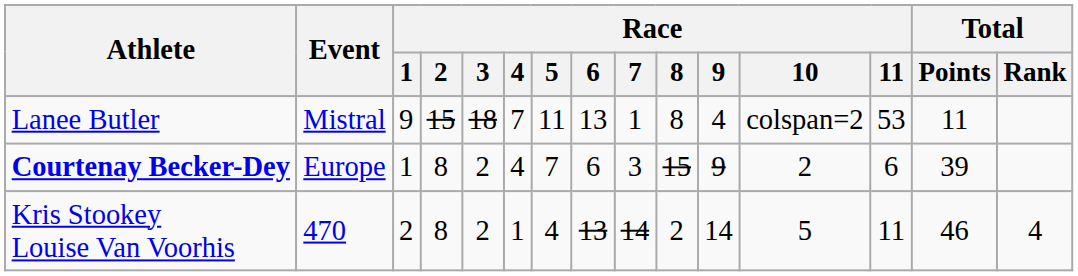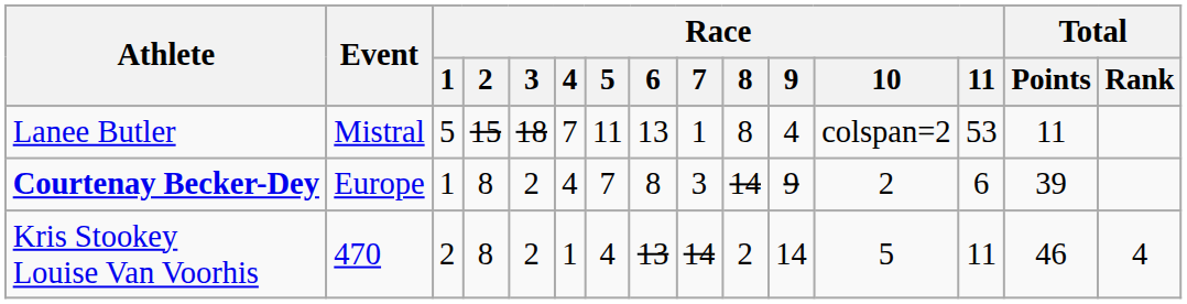 <table class=wikitable style=font-size:90%;text-align:center>
 <tr>
 <th rowspan=2>Athlete</th>
 <th rowspan=2>Event</th>
 <th colspan=11>Race</th>
 <th colspan=2>Total</th>
 </tr>
 <tr style=font-size:95%>
 <th>1</th>
 <th>2</th>
 <th>3</th>
 <th>4</th>
 <th>5</th>
 <th>6</th>
 <th>7</th>
 <th>8</th>
 <th>9</th>
 <th>10</th>
 <th>11</th>
 <th>Points</th>
 <th>Rank</th>
 </tr>
 <tr>
 <td align=left><a href='#'>Lanee Butler</a></td>
 <td align=left><a href='#'>Mistral</a></td>
-<td>9</td>
+<td>5</td>
 <td><s>15</s></td>
 <td><s>18</s></td>
 <td>7</td>
 <td>11</td>
 <td>13</td>
 <td>1</td>
 <td>8</td>
 <td>4</td>
 <td>colspan=2 </td>
 <td>53</td>
 <td>11</td>
 </tr>
 <tr>
 <td align=left><strong><a href='#'>Courtenay Becker-Dey</a></strong></td>
 <td align=left><a href='#'>Europe</a></td>
 <td>1</td>
 <td>8</td>
 <td>2</td>
 <td>4</td>
 <td>7</td>
-<td>6</td>
+<td>8</td>
 <td>3</td>
-<td><s>15</s></td>
+<td><s>14</s></td>
 <td><s>9</s></td>
 <td>2</td>
 <td>6</td>
 <td>39</td>
 <td></td>
 </tr>
 <tr>
 <td align=left><a href='#'>Kris Stookey</a><br><a href='#'>Louise Van Voorhis</a></td>
 <td align=left><a href='#'>470</a></td>
 <td>2</td>
 <td>8</td>
 <td>2</td>
 <td>1</td>
 <td>4</td>
 <td><s>13</s></td>
 <td><s>14</s></td>
 <td>2</td>
 <td>14</td>
 <td>5</td>
 <td>11</td>
 <td>46</td>
 <td>4</td>
 </tr>
 </table>
